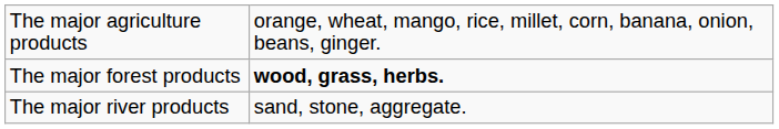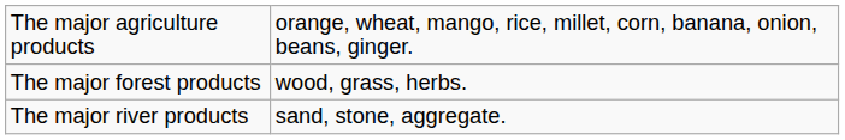 <table class="wikitable">
 <tr>
 <td>The major agriculture products</td>
 <td>orange, wheat, mango, rice, millet, corn, banana, onion, beans, ginger.</td>
 </tr>
 <tr>
 <td>The major forest products</td>
-<td><strong>wood, grass, herbs.</strong></td>
+<td>wood, grass, herbs.</td>
 </tr>
 <tr>
 <td>The major river products</td>
 <td>sand, stone, aggregate.</td>
 </tr>
 </table>
